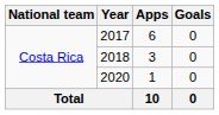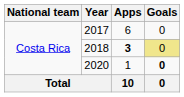 <table class="wikitable" style="text-align:center">
 <tr>
 <th>National team</th>
 <th>Year</th>
 <th>Apps</th>
 <th>Goals</th>
 </tr>
 <tr>
 <td rowspan="3"><a href='#'>Costa Rica</a></td>
 <td>2017</td>
 <td>6</td>
 <td>0</td>
 </tr>
 <tr>
 <td>2018</td>
-<td>3</td>
-<td>0</td>
+<td><strong>3</strong></td>
+<td style="background: khaki;">0</td>
 </tr>
 <tr>
 <td>2020</td>
 <td>1</td>
-<td>0</td>
+<td><strong>0</strong></td>
 </tr>
 <tr>
 <th colspan="2">Total</th>
 <th>10</th>
 <th>0</th>
 </tr>
 </table>
